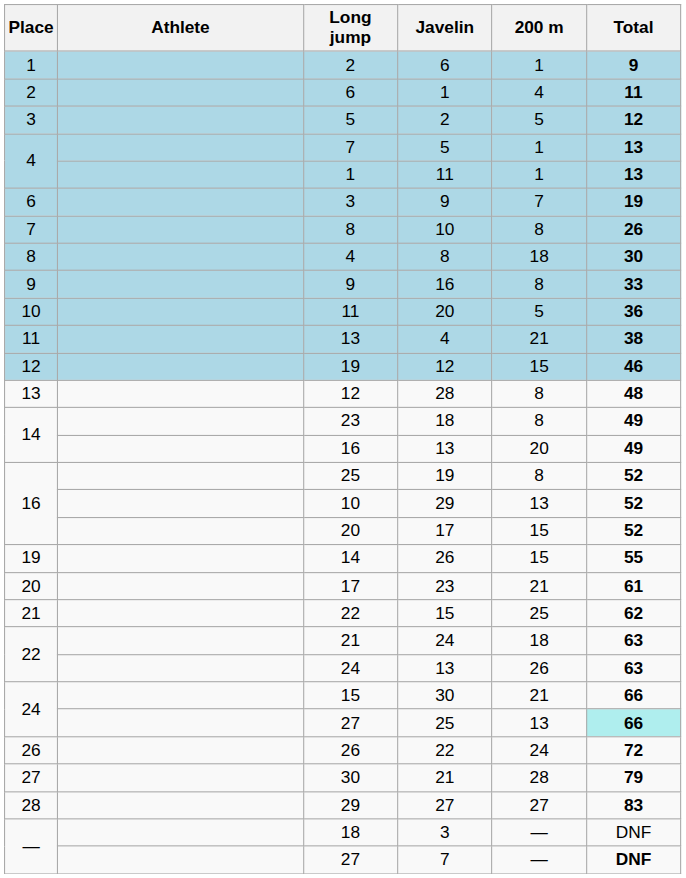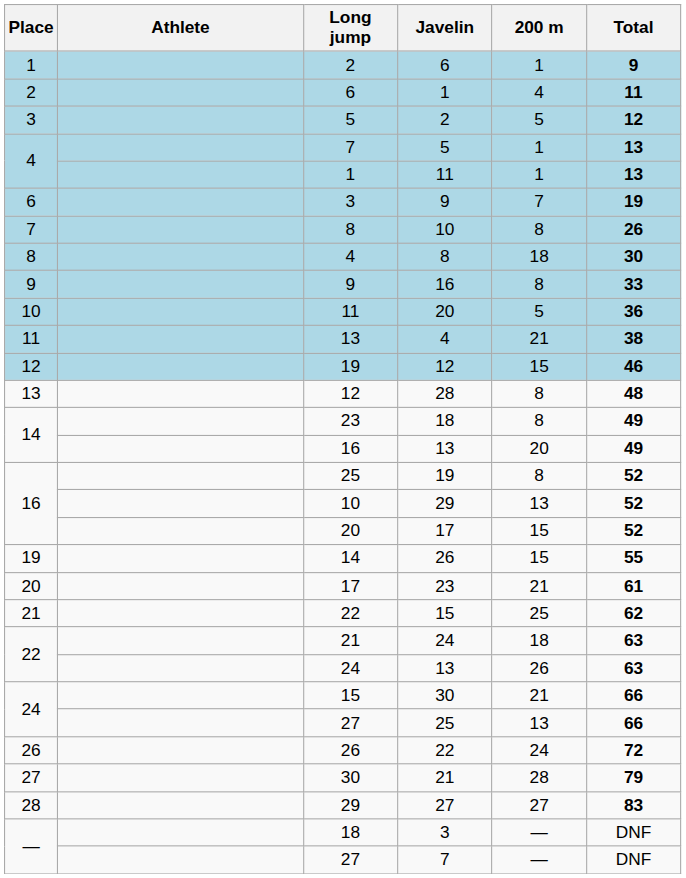 <table class=wikitable style="text-align:center">
 <tr>
 <th width=20>Place</th>
 <th width=220>Athlete</th>
 <th width=80>Long jump</th>
 <th width=80>Javelin</th>
 <th width=80>200 m</th>
 <th width=80>Total</th>
 </tr>
 <tr bgcolor=lightblue>
 <td>1</td>
 <td align=left></td>
 <td>2</td>
 <td>6</td>
 <td>1</td>
 <td><strong>9</strong></td>
 </tr>
 <tr bgcolor=lightblue>
 <td>2</td>
 <td align=left></td>
 <td>6</td>
 <td>1</td>
 <td>4</td>
 <td><strong>11</strong></td>
 </tr>
 <tr bgcolor=lightblue>
 <td>3</td>
 <td align=left></td>
 <td>5</td>
 <td>2</td>
 <td>5</td>
 <td><strong>12</strong></td>
 </tr>
 <tr bgcolor=lightblue>
 <td rowspan=2>4</td>
 <td align=left></td>
 <td>7</td>
 <td>5</td>
 <td>1</td>
 <td><strong>13</strong></td>
 </tr>
 <tr bgcolor=lightblue>
 <td align=left></td>
 <td>1</td>
 <td>11</td>
 <td>1</td>
 <td><strong>13</strong></td>
 </tr>
 <tr bgcolor=lightblue>
 <td>6</td>
 <td align=left></td>
 <td>3</td>
 <td>9</td>
 <td>7</td>
 <td><strong>19</strong></td>
 </tr>
 <tr bgcolor=lightblue>
 <td>7</td>
 <td align=left></td>
 <td>8</td>
 <td>10</td>
 <td>8</td>
 <td><strong>26</strong></td>
 </tr>
 <tr bgcolor=lightblue>
 <td>8</td>
 <td align=left></td>
 <td>4</td>
 <td>8</td>
 <td>18</td>
 <td><strong>30</strong></td>
 </tr>
 <tr bgcolor=lightblue>
 <td>9</td>
 <td align=left></td>
 <td>9</td>
 <td>16</td>
 <td>8</td>
 <td><strong>33</strong></td>
 </tr>
 <tr bgcolor=lightblue>
 <td>10</td>
 <td align=left></td>
 <td>11</td>
 <td>20</td>
 <td>5</td>
 <td><strong>36</strong></td>
 </tr>
 <tr bgcolor=lightblue>
 <td>11</td>
 <td align=left></td>
 <td>13</td>
 <td>4</td>
 <td>21</td>
 <td><strong>38</strong></td>
 </tr>
 <tr bgcolor=lightblue>
 <td>12</td>
 <td align=left></td>
 <td>19</td>
 <td>12</td>
 <td>15</td>
 <td><strong>46</strong></td>
 </tr>
 <tr>
 <td>13</td>
 <td align=left></td>
 <td>12</td>
 <td>28</td>
 <td>8</td>
 <td><strong>48</strong></td>
 </tr>
 <tr>
 <td rowspan=2>14</td>
 <td align=left></td>
 <td>23</td>
 <td>18</td>
 <td>8</td>
 <td><strong>49</strong></td>
 </tr>
 <tr>
 <td align=left></td>
 <td>16</td>
 <td>13</td>
 <td>20</td>
 <td><strong>49</strong></td>
 </tr>
 <tr>
 <td rowspan=3>16</td>
 <td align=left></td>
 <td>25</td>
 <td>19</td>
 <td>8</td>
 <td><strong>52</strong></td>
 </tr>
 <tr>
 <td align=left></td>
 <td>10</td>
 <td>29</td>
 <td>13</td>
 <td><strong>52</strong></td>
 </tr>
 <tr>
 <td align=left></td>
 <td>20</td>
 <td>17</td>
 <td>15</td>
 <td><strong>52</strong></td>
 </tr>
 <tr>
 <td>19</td>
 <td align=left></td>
 <td>14</td>
 <td>26</td>
 <td>15</td>
 <td><strong>55</strong></td>
 </tr>
 <tr>
 <td>20</td>
 <td align=left></td>
 <td>17</td>
 <td>23</td>
 <td>21</td>
 <td><strong>61</strong></td>
 </tr>
 <tr>
 <td>21</td>
 <td align=left></td>
 <td>22</td>
 <td>15</td>
 <td>25</td>
 <td><strong>62</strong></td>
 </tr>
 <tr>
 <td rowspan=2>22</td>
 <td align=left></td>
 <td>21</td>
 <td>24</td>
 <td>18</td>
 <td><strong>63</strong></td>
 </tr>
 <tr>
 <td align=left></td>
 <td>24</td>
 <td>13</td>
 <td>26</td>
 <td><strong>63</strong></td>
 </tr>
 <tr>
 <td rowspan=2>24</td>
 <td align=left></td>
 <td>15</td>
 <td>30</td>
 <td>21</td>
 <td><strong>66</strong></td>
 </tr>
 <tr>
 <td align=left></td>
 <td>27</td>
 <td>25</td>
 <td>13</td>
-<td style="background: paleturquoise;"><strong>66</strong></td>
+<td><strong>66</strong></td>
 </tr>
 <tr>
 <td>26</td>
 <td align=left></td>
 <td>26</td>
 <td>22</td>
 <td>24</td>
 <td><strong>72</strong></td>
 </tr>
 <tr>
 <td>27</td>
 <td align=left></td>
 <td>30</td>
 <td>21</td>
 <td>28</td>
 <td><strong>79</strong></td>
 </tr>
 <tr>
 <td>28</td>
 <td align=left></td>
 <td>29</td>
 <td>27</td>
 <td>27</td>
 <td><strong>83</strong></td>
 </tr>
 <tr>
 <td rowspan=2>—</td>
 <td align=left></td>
 <td>18</td>
 <td>3</td>
 <td>—</td>
 <td>DNF</td>
 </tr>
 <tr>
 <td align=left></td>
 <td>27</td>
 <td>7</td>
 <td>—</td>
-<td><strong>DNF</strong></td>
+<td>DNF</td>
 </tr>
 </table>
